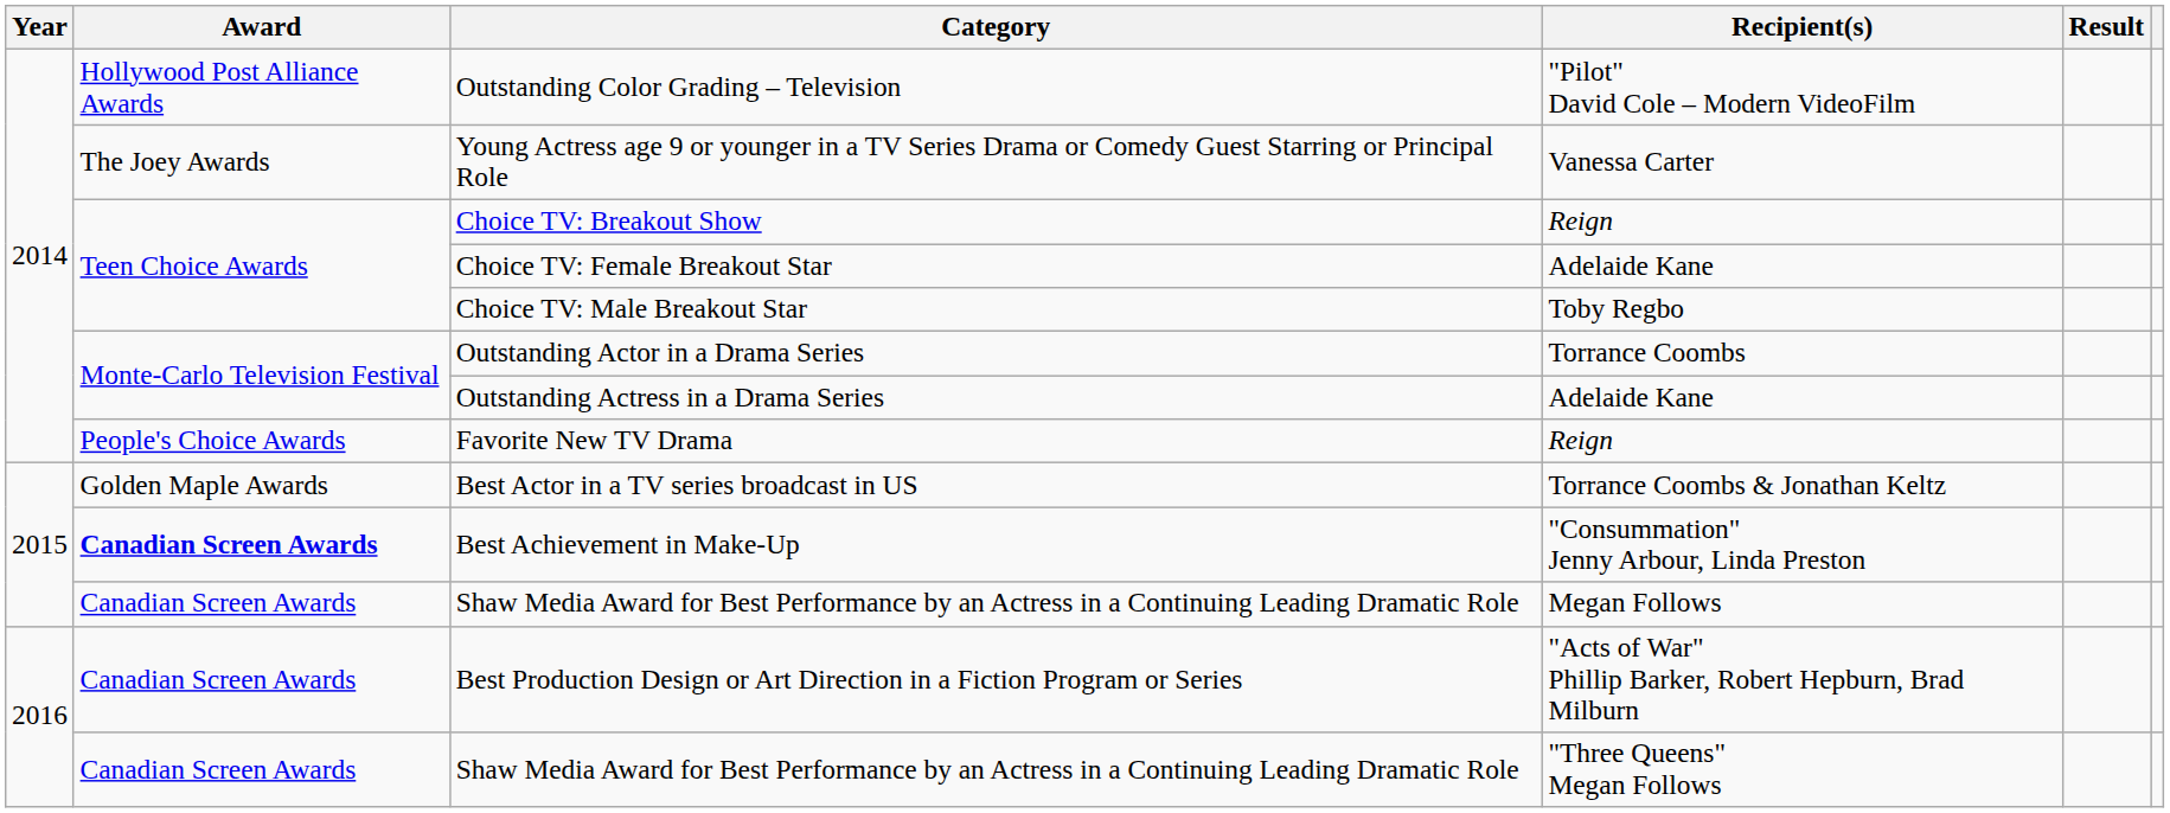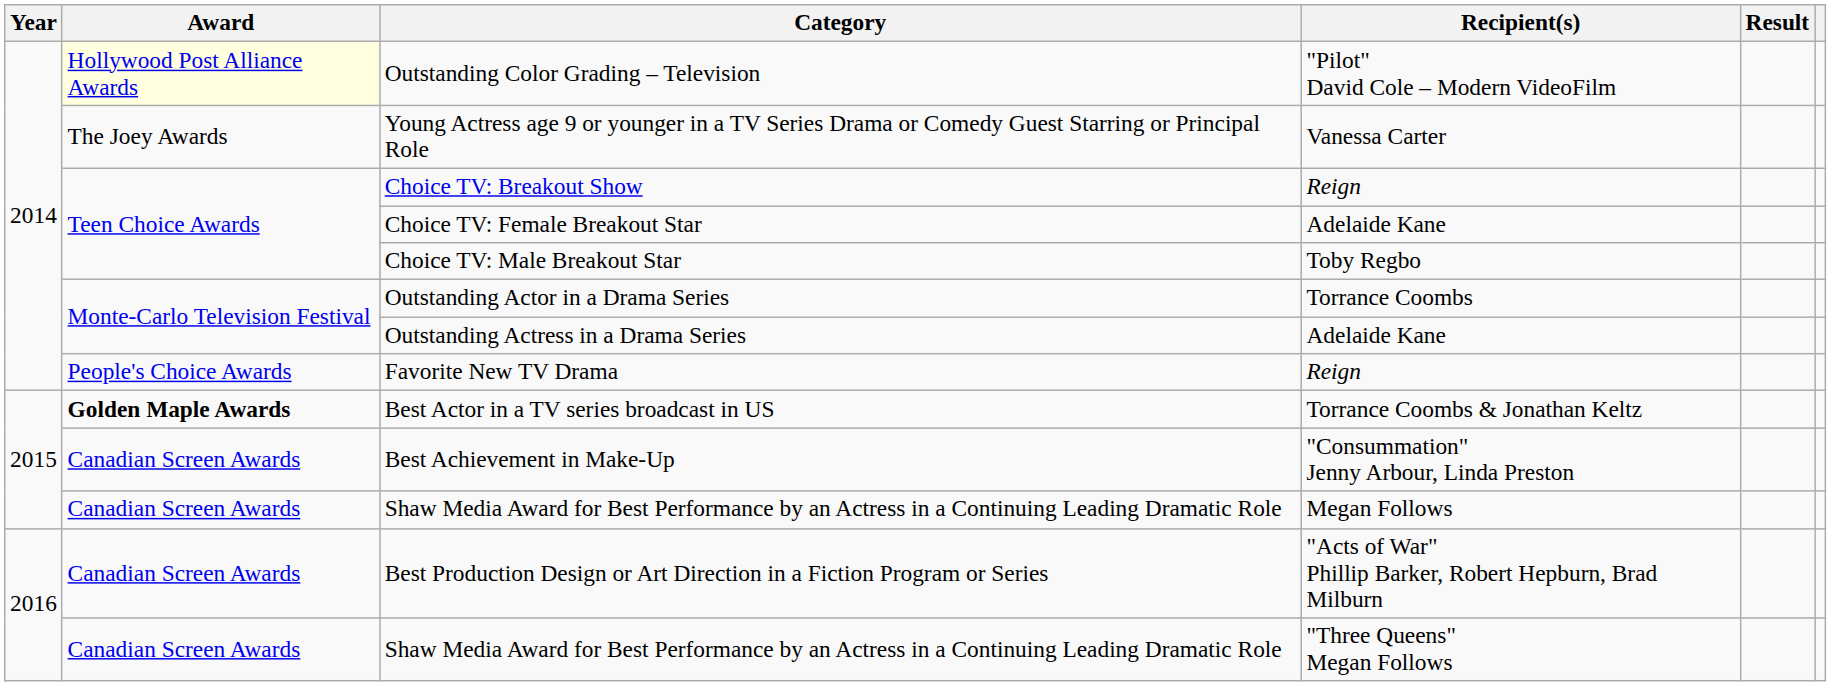 <table class="wikitable sortable">
 <tr>
 <th>Year</th>
 <th>Award</th>
 <th>Category</th>
 <th>Recipient(s)</th>
 <th>Result</th>
 <th></th>
 </tr>
 <tr>
 <td rowspan="8">2014</td>
-<td><a href='#'>Hollywood Post Alliance Awards</a></td>
+<td style="background: lightyellow;"><a href='#'>Hollywood Post Alliance Awards</a></td>
 <td>Outstanding Color Grading – Television</td>
 <td>"Pilot"<br>David Cole – Modern VideoFilm</td>
 <td></td>
 <td style="text-align:center;"></td>
 </tr>
 <tr>
 <td>The Joey Awards</td>
 <td>Young Actress age 9 or younger in a TV Series Drama or Comedy Guest Starring or Principal Role</td>
 <td>Vanessa Carter</td>
 <td></td>
 <td style="text-align:center;"></td>
 </tr>
 <tr>
 <td rowspan="3"><a href='#'>Teen Choice Awards</a></td>
 <td><a href='#'>Choice TV: Breakout Show</a></td>
 <td><em>Reign</em></td>
 <td></td>
 <td style="text-align:center;"></td>
 </tr>
 <tr>
 <td>Choice TV: Female Breakout Star</td>
 <td>Adelaide Kane</td>
 <td></td>
 <td style="text-align:center;"></td>
 </tr>
 <tr>
 <td>Choice TV: Male Breakout Star</td>
 <td>Toby Regbo</td>
 <td></td>
 <td style="text-align:center;"></td>
 </tr>
 <tr>
 <td rowspan="2"><a href='#'>Monte-Carlo Television Festival</a></td>
 <td>Outstanding Actor in a Drama Series</td>
 <td>Torrance Coombs</td>
 <td></td>
 <td style="text-align:center;"></td>
 </tr>
 <tr>
 <td>Outstanding Actress in a Drama Series</td>
 <td>Adelaide Kane</td>
 <td></td>
 <td style="text-align:center;"></td>
 </tr>
 <tr>
 <td><a href='#'>People's Choice Awards</a></td>
 <td>Favorite New TV Drama</td>
 <td><em>Reign</em></td>
 <td></td>
 <td style="text-align:center;"></td>
 </tr>
 <tr>
 <td rowspan="3">2015</td>
-<td>Golden Maple Awards</td>
+<td><strong>Golden Maple Awards</strong></td>
 <td>Best Actor in a TV series broadcast in US</td>
 <td>Torrance Coombs & Jonathan Keltz</td>
 <td></td>
 <td style="text-align:center;"></td>
 </tr>
 <tr>
-<td><strong><a href='#'>Canadian Screen Awards</a></strong></td>
+<td><a href='#'>Canadian Screen Awards</a></td>
 <td>Best Achievement in Make-Up</td>
 <td>"Consummation"<br>Jenny Arbour, Linda Preston</td>
 <td></td>
 <td style="text-align:center;"></td>
 </tr>
 <tr>
 <td><a href='#'>Canadian Screen Awards</a></td>
 <td>Shaw Media Award for Best Performance by an Actress in a Continuing Leading Dramatic Role</td>
 <td>Megan Follows</td>
 <td></td>
 <td style="text-align:center;"></td>
 </tr>
 <tr>
 <td rowspan="2">2016</td>
 <td><a href='#'>Canadian Screen Awards</a></td>
 <td>Best Production Design or Art Direction in a Fiction Program or Series</td>
 <td>"Acts of War"<br>Phillip Barker, Robert Hepburn, Brad Milburn</td>
 <td></td>
 <td style="text-align:center;"></td>
 </tr>
 <tr>
 <td><a href='#'>Canadian Screen Awards</a></td>
 <td>Shaw Media Award for Best Performance by an Actress in a Continuing Leading Dramatic Role</td>
 <td>"Three Queens"<br>Megan Follows</td>
 <td></td>
 <td style="text-align:center;"></td>
 </tr>
 </table>
